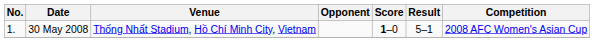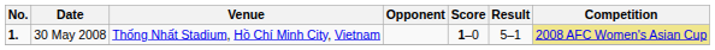 <table class="wikitable">
 <tr>
 <th>No.</th>
 <th>Date</th>
 <th>Venue</th>
 <th>Opponent</th>
 <th>Score</th>
 <th>Result</th>
 <th>Competition</th>
 </tr>
 <tr>
-<td>1.</td>
+<td><strong>1.</strong></td>
 <td>30 May 2008</td>
 <td><a href='#'>Thống Nhất Stadium</a>, <a href='#'>Hồ Chí Minh City</a>, <a href='#'>Vietnam</a></td>
 <td></td>
 <td align=center><strong>1</strong>–0</td>
 <td align=center>5–1</td>
-<td><a href='#'>2008 AFC Women's Asian Cup</a></td>
+<td style="background: khaki;"><a href='#'>2008 AFC Women's Asian Cup</a></td>
 </tr>
 <tr>
 </tr>
 </table>
